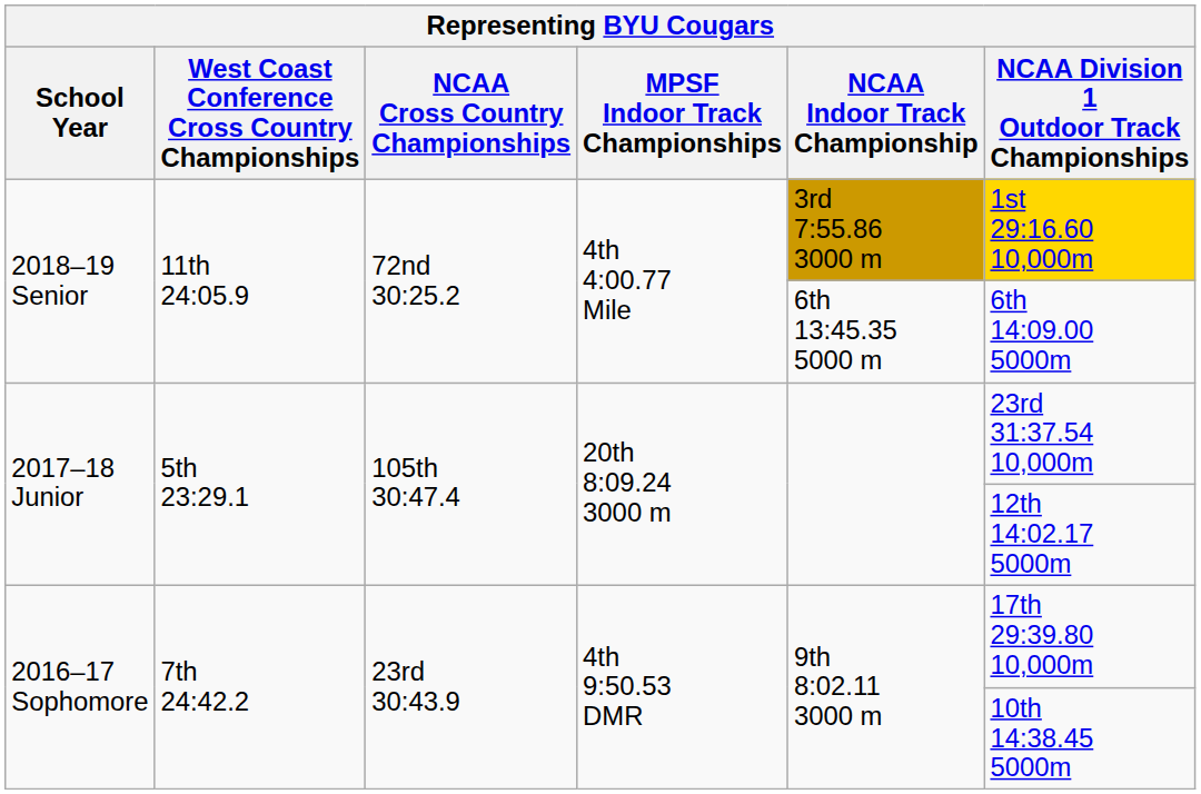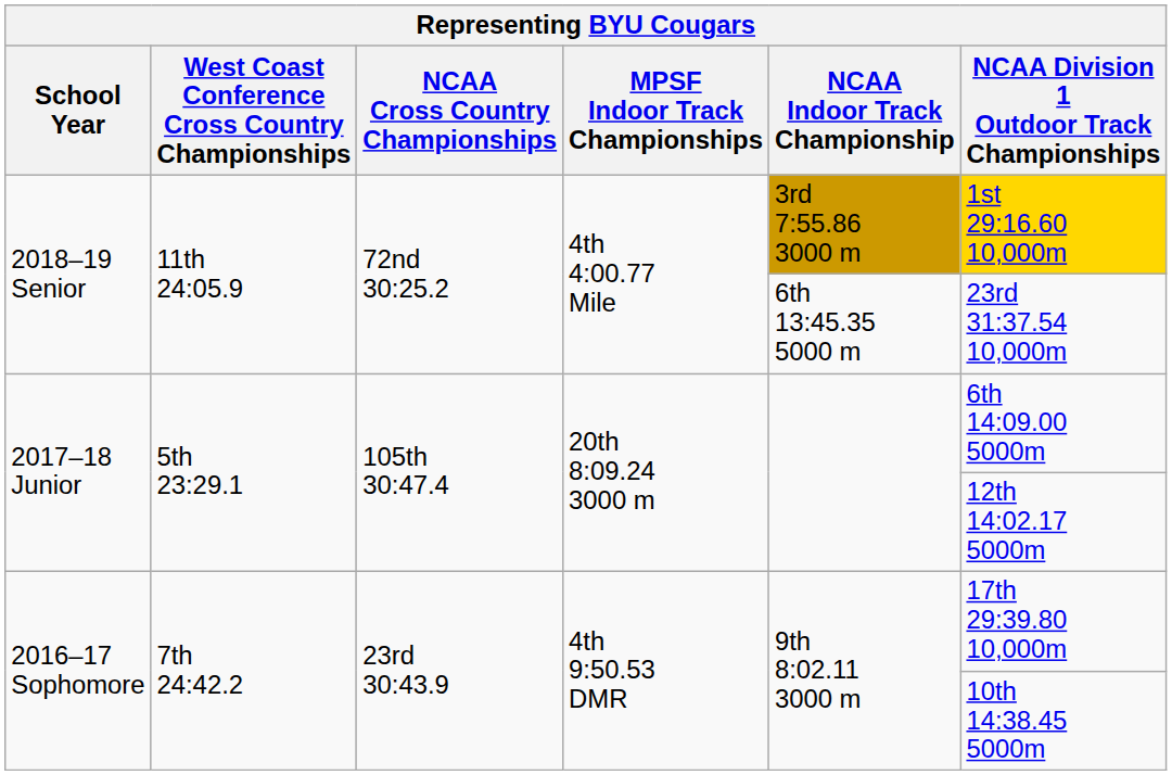 <table class="wikitable sortable">
 <tr>
 <th colspan="7">Representing <a href='#'>BYU Cougars</a></th>
 </tr>
 <tr>
 <th>School Year</th>
 <th><a href='#'>West Coast Conference</a><br><a href='#'>Cross Country</a><br>Championships</th>
 <th><a href='#'>NCAA</a><br><a href='#'>Cross Country</a><br><a href='#'>Championships</a></th>
 <th><a href='#'>MPSF</a><br><a href='#'>Indoor Track</a><br>Championships</th>
 <th><a href='#'>NCAA</a><br><a href='#'>Indoor Track</a><br>Championship</th>
 <th><a href='#'>NCAA Division 1</a><br><a href='#'>Outdoor Track</a><br>Championships</th>
 </tr>
 <tr>
 <td rowspan=2>2018–19 Senior</td>
 <td rowspan=2>11th<br> 24:05.9</td>
 <td rowspan=2>72nd<br>30:25.2</td>
 <td rowspan=2>4th<br>4:00.77<br>Mile</td>
 <td bgcolor=cc9900 rowspan=1>3rd<br>7:55.86<br>3000 m</td>
 <td bgcolor=gold rowspan=1><a href='#'>1st<br>29:16.60<br>10,000m</a></td>
 </tr>
 <tr>
 <td>6th<br>13:45.35<br>5000 m</td>
-<td><a href='#'>6th<br>14:09.00<br>5000m</a></td>
+<td><a href='#'>23rd<br>31:37.54<br>10,000m</a></td>
 </tr>
 <tr>
 <td rowspan=2>2017–18 Junior</td>
 <td rowspan=2>5th<br>23:29.1</td>
 <td rowspan=2>105th<br>30:47.4</td>
 <td rowspan=2>20th<br>8:09.24<br>3000 m</td>
 <td rowspan=2></td>
-<td><a href='#'>23rd<br>31:37.54<br>10,000m</a></td>
+<td><a href='#'>6th<br>14:09.00<br>5000m</a></td>
 </tr>
 <tr>
 <td><a href='#'>12th<br>14:02.17<br>5000m</a></td>
 </tr>
 <tr>
 <td rowspan=2>2016–17 Sophomore</td>
 <td rowspan=2>7th<br>24:42.2</td>
 <td rowspan=2>23rd<br>30:43.9</td>
 <td rowspan=2>4th<br>9:50.53<br>DMR</td>
 <td rowspan=2>9th<br>8:02.11<br>3000 m</td>
 <td><a href='#'>17th<br>29:39.80<br>10,000m</a></td>
 </tr>
 <tr>
 <td><a href='#'>10th<br>14:38.45<br>5000m</a></td>
 </tr>
 </table>
